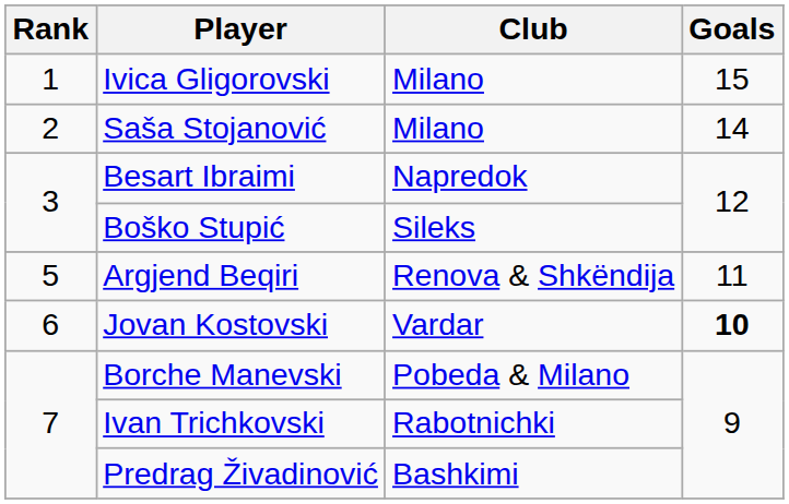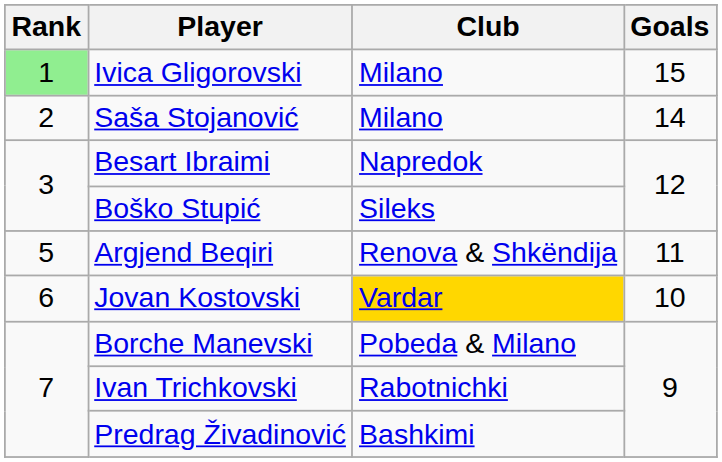 <table class="wikitable" style="text-align:center">
 <tr>
 <th>Rank</th>
 <th>Player</th>
 <th>Club</th>
 <th>Goals</th>
 </tr>
 <tr>
-<td>1</td>
+<td style="background: lightgreen;">1</td>
 <td align="left"> <a href='#'>Ivica Gligorovski</a></td>
 <td align="left"><a href='#'>Milano</a></td>
 <td>15</td>
 </tr>
 <tr>
 <td>2</td>
 <td align="left"> <a href='#'>Saša Stojanović</a></td>
 <td align="left"><a href='#'>Milano</a></td>
 <td>14</td>
 </tr>
 <tr>
 <td rowspan="2">3</td>
 <td align="left"> <a href='#'>Besart Ibraimi</a></td>
 <td align="left"><a href='#'>Napredok</a></td>
 <td rowspan="2">12</td>
 </tr>
 <tr>
 <td align="left"> <a href='#'>Boško Stupić</a></td>
 <td align="left"><a href='#'>Sileks</a></td>
 </tr>
 <tr>
 <td>5</td>
 <td align="left"> <a href='#'>Argjend Beqiri</a></td>
 <td align="left"><a href='#'>Renova</a> & <a href='#'>Shkëndija</a></td>
 <td>11</td>
 </tr>
 <tr>
 <td>6</td>
 <td align="left"> <a href='#'>Jovan Kostovski</a></td>
-<td align="left"><a href='#'>Vardar</a></td>
-<td><strong>10</strong></td>
+<td align="left" style="background: gold;"><a href='#'>Vardar</a></td>
+<td>10</td>
 </tr>
 <tr>
 <td rowspan="3">7</td>
 <td align="left"> <a href='#'>Borche Manevski</a></td>
 <td align="left"><a href='#'>Pobeda</a> & <a href='#'>Milano</a></td>
 <td rowspan="3">9</td>
 </tr>
 <tr>
 <td align="left"> <a href='#'>Ivan Trichkovski</a></td>
 <td align="left"><a href='#'>Rabotnichki</a></td>
 </tr>
 <tr>
 <td align="left"> <a href='#'>Predrag Živadinović</a></td>
 <td align="left"><a href='#'>Bashkimi</a></td>
 </tr>
 </table>
